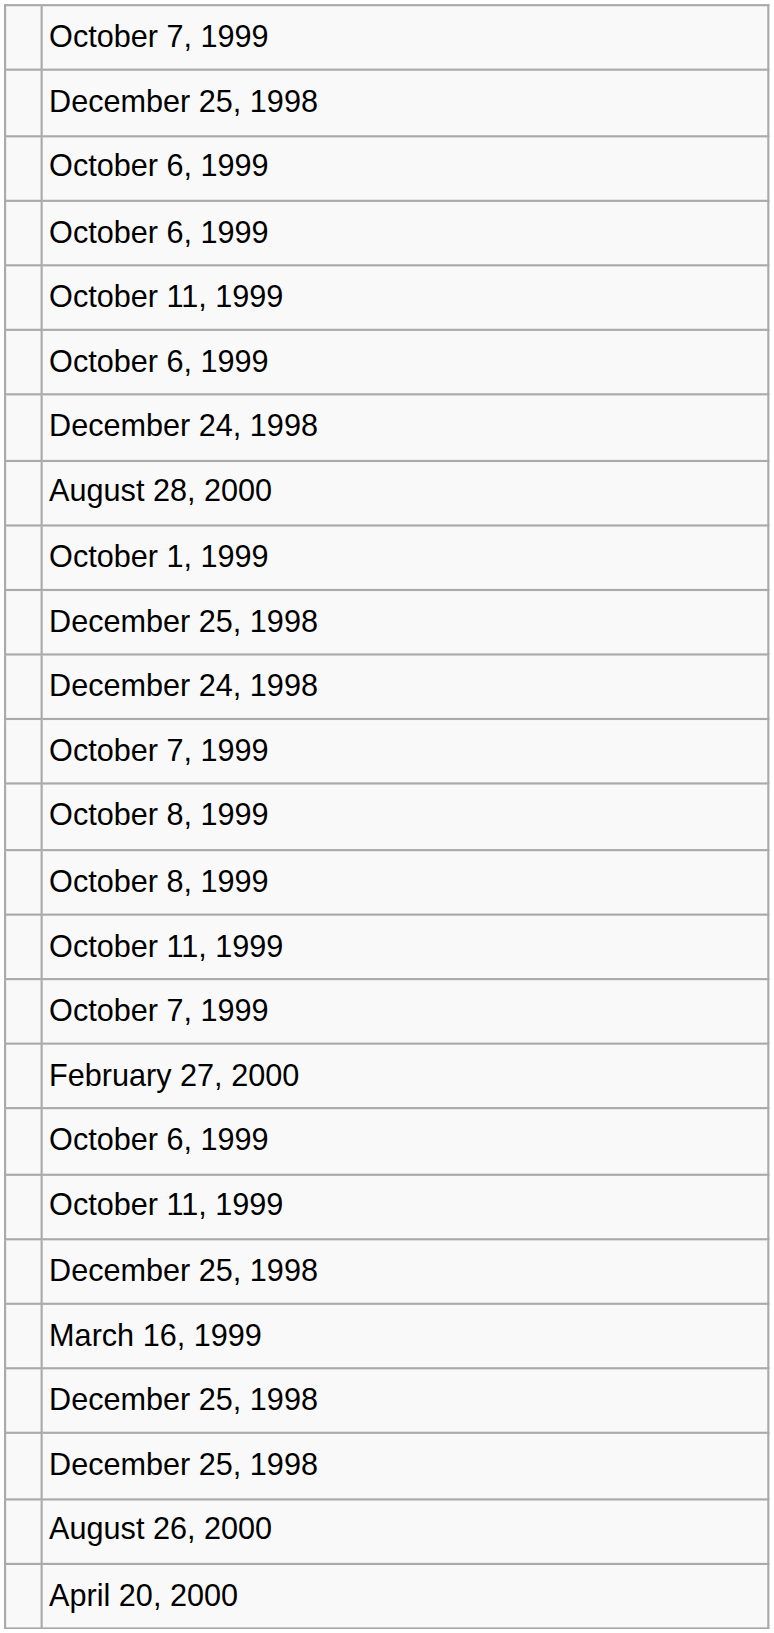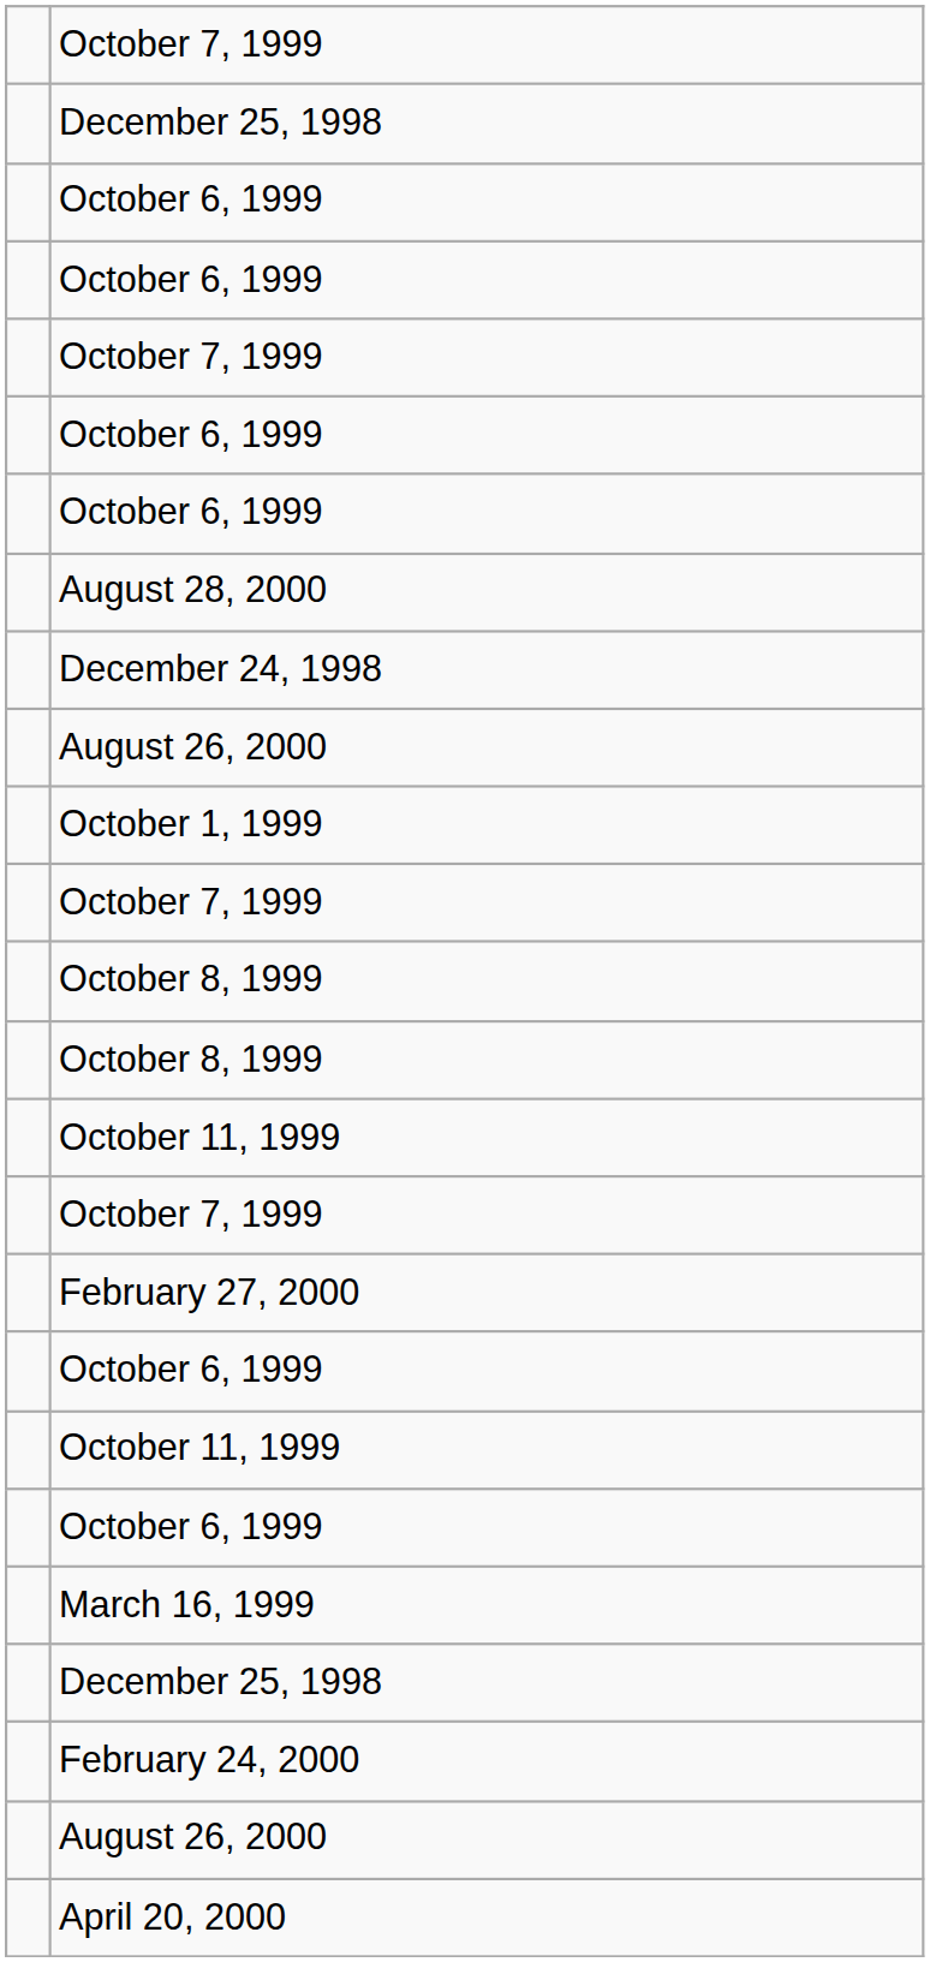 <table class="wikitable" style="font-size: 89%; float: left; width: 25em; margin-right: 1em; line-height: 1.65em !important; height: 540px;">
 <tr>
 <td></td>
 <td>October 7, 1999</td>
 </tr>
 <tr>
 <td></td>
 <td>December 25, 1998</td>
 </tr>
 <tr>
 <td></td>
 <td>October 6, 1999</td>
 </tr>
 <tr>
 <td></td>
 <td>October 6, 1999</td>
 </tr>
 <tr>
 <td></td>
-<td>October 11, 1999</td>
+<td>October 7, 1999</td>
 </tr>
 <tr>
 <td></td>
 <td>October 6, 1999</td>
 </tr>
 <tr>
 <td></td>
-<td>December 24, 1998</td>
+<td>October 6, 1999</td>
 </tr>
 <tr>
 <td></td>
 <td>August 28, 2000</td>
 </tr>
 <tr>
 <td></td>
-<td>October 1, 1999</td>
+<td>December 24, 1998</td>
 </tr>
 <tr>
 <td></td>
-<td>December 25, 1998</td>
+<td>August 26, 2000</td>
 </tr>
 <tr>
 <td></td>
-<td>December 24, 1998</td>
+<td>October 1, 1999</td>
 </tr>
 <tr>
 <td></td>
 <td>October 7, 1999</td>
 </tr>
 <tr>
 <td></td>
 <td>October 8, 1999</td>
 </tr>
 <tr>
 <td></td>
 <td>October 8, 1999</td>
 </tr>
 <tr>
 <td></td>
 <td>October 11, 1999</td>
 </tr>
 <tr>
 <td></td>
 <td>October 7, 1999</td>
 </tr>
 <tr>
 <td></td>
 <td>February 27, 2000</td>
 </tr>
 <tr>
 <td></td>
 <td>October 6, 1999</td>
 </tr>
 <tr>
 <td></td>
 <td>October 11, 1999</td>
 </tr>
 <tr>
 <td></td>
-<td>December 25, 1998</td>
+<td>October 6, 1999</td>
 </tr>
 <tr>
 <td></td>
 <td>March 16, 1999</td>
 </tr>
 <tr>
 <td></td>
 <td>December 25, 1998</td>
 </tr>
 <tr>
 <td></td>
-<td>December 25, 1998</td>
+<td>February 24, 2000</td>
 </tr>
 <tr>
 <td></td>
 <td>August 26, 2000</td>
 </tr>
 <tr>
 <td></td>
 <td>April 20, 2000</td>
 </tr>
 </table>
